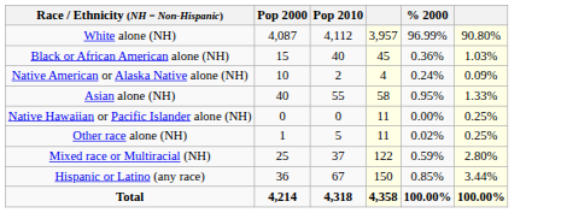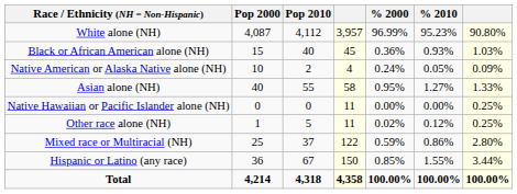 <table class="wikitable" style="text-align:center;">
 <tr>
 <th>Race / Ethnicity <small>(<em>NH = Non-Hispanic</em>)</small></th>
 <th>Pop 2000</th>
 <th>Pop 2010</th>
 <th></th>
 <th>% 2000</th>
+<th>% 2010</th>
 <th></th>
 </tr>
 <tr>
 <td><a href='#'>White</a> alone (NH)</td>
 <td>4,087</td>
 <td>4,112</td>
 <td style='background: #ffffe6;'>3,957</td>
 <td>96.99%</td>
+<td>95.23%</td>
 <td style='background: #ffffe6;'>90.80%</td>
 </tr>
 <tr>
 <td><a href='#'>Black or African American</a> alone (NH)</td>
 <td>15</td>
 <td>40</td>
 <td style='background: #ffffe6;'>45</td>
 <td>0.36%</td>
+<td>0.93%</td>
 <td style='background: #ffffe6;'>1.03%</td>
 </tr>
 <tr>
 <td><a href='#'>Native American</a> or <a href='#'>Alaska Native</a> alone (NH)</td>
 <td>10</td>
 <td>2</td>
 <td style='background: #ffffe6;'>4</td>
 <td>0.24%</td>
+<td>0.05%</td>
 <td style='background: #ffffe6;'>0.09%</td>
 </tr>
 <tr>
 <td><a href='#'>Asian</a> alone (NH)</td>
 <td>40</td>
 <td>55</td>
 <td style='background: #ffffe6;'>58</td>
 <td>0.95%</td>
+<td>1.27%</td>
 <td style='background: #ffffe6;'>1.33%</td>
 </tr>
 <tr>
 <td><a href='#'>Native Hawaiian</a> or <a href='#'>Pacific Islander</a> alone (NH)</td>
 <td>0</td>
 <td>0</td>
 <td style='background: #ffffe6;'>11</td>
+<td>0.00%</td>
 <td>0.00%</td>
 <td style='background: #ffffe6;'>0.25%</td>
 </tr>
 <tr>
 <td><a href='#'>Other race</a> alone (NH)</td>
 <td>1</td>
 <td>5</td>
 <td style='background: #ffffe6;'>11</td>
 <td>0.02%</td>
+<td>0.12%</td>
 <td style='background: #ffffe6;'>0.25%</td>
 </tr>
 <tr>
 <td><a href='#'>Mixed race or Multiracial</a> (NH)</td>
 <td>25</td>
 <td>37</td>
 <td style='background: #ffffe6;'>122</td>
 <td>0.59%</td>
+<td>0.86%</td>
 <td style='background: #ffffe6;'>2.80%</td>
 </tr>
 <tr>
 <td><a href='#'>Hispanic or Latino</a> (any race)</td>
 <td>36</td>
 <td>67</td>
 <td style='background: #ffffe6;'>150</td>
 <td>0.85%</td>
+<td>1.55%</td>
 <td style='background: #ffffe6;'>3.44%</td>
 </tr>
 <tr>
 <td><strong>Total</strong></td>
 <td><strong>4,214</strong></td>
 <td><strong>4,318</strong></td>
 <td style='background: #ffffe6;'><strong>4,358</strong></td>
 <td><strong>100.00%</strong></td>
+<td><strong>100.00%</strong></td>
 <td style='background: #ffffe6;'><strong>100.00%</strong></td>
 </tr>
 </table>
